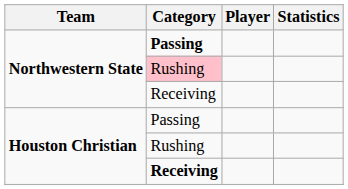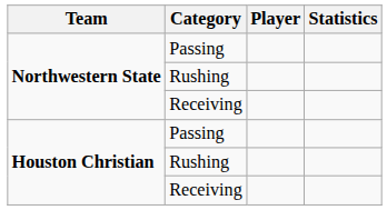 <table class="wikitable" style="float: right;">
 <tr>
 <th>Team</th>
 <th>Category</th>
 <th>Player</th>
 <th>Statistics</th>
 </tr>
 <tr>
 <td rowspan=3><strong>Northwestern State</strong></td>
-<td><strong>Passing</strong></td>
+<td>Passing</td>
 <td></td>
 <td></td>
 </tr>
 <tr>
-<td style="background: pink;">Rushing</td>
+<td>Rushing</td>
 <td></td>
 <td></td>
 </tr>
 <tr>
 <td>Receiving</td>
 <td></td>
 <td></td>
 </tr>
 <tr>
 <td rowspan=3><strong>Houston Christian</strong></td>
 <td>Passing</td>
 <td></td>
 <td></td>
 </tr>
 <tr>
 <td>Rushing</td>
 <td></td>
 <td></td>
 </tr>
 <tr>
-<td><strong>Receiving</strong></td>
+<td>Receiving</td>
 <td></td>
 <td></td>
 </tr>
 </table>
